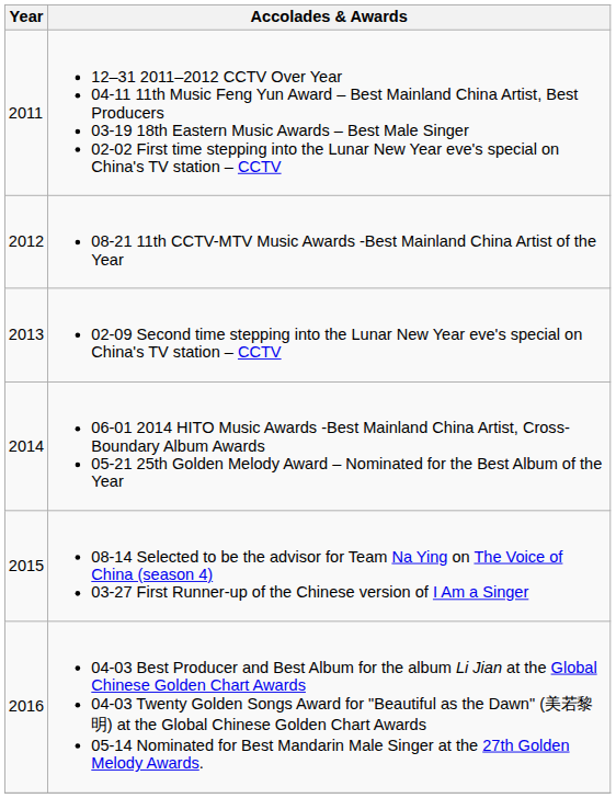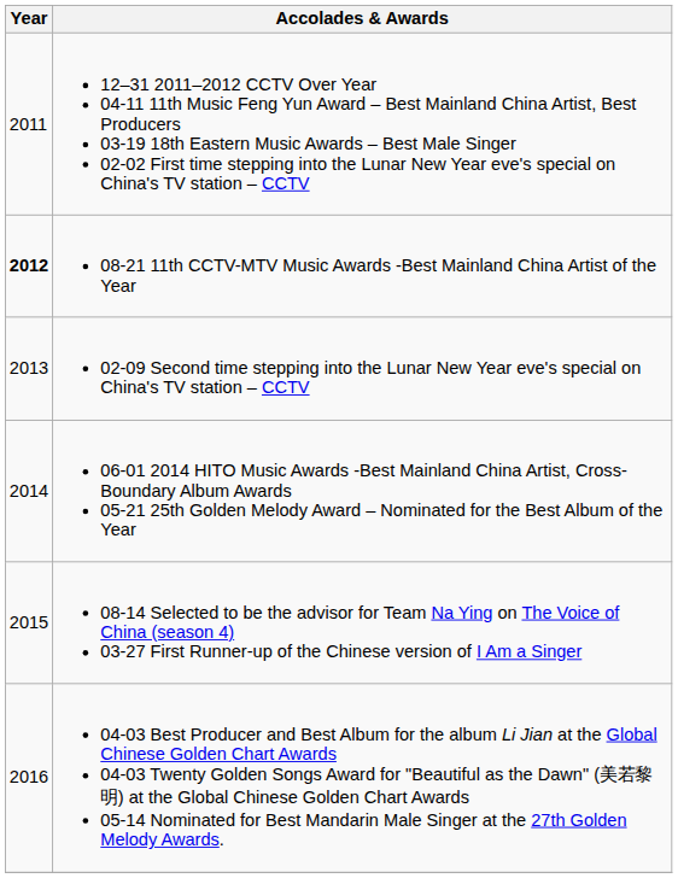 <table class="wikitable">
 <tr>
 <th>Year</th>
 <th>Accolades & Awards</th>
 </tr>
 <tr>
 <td>2011</td>
 <td><br><ul><li>12–31 2011–2012 CCTV Over Year</li><li>04-11 11th Music Feng Yun Award – Best Mainland China Artist, Best Producers</li><li>03-19 18th Eastern Music Awards – Best Male Singer</li><li>02-02 First time stepping into the Lunar New Year eve's special on China's TV station – <a href='#'>CCTV</a></li></ul></td>
 </tr>
 <tr>
-<td>2012</td>
+<td><strong>2012</strong></td>
 <td><br><ul><li>08-21 11th CCTV-MTV Music Awards -Best Mainland China Artist of the Year</li></ul></td>
 </tr>
 <tr>
 <td>2013</td>
 <td><br><ul><li>02-09 Second time stepping into the Lunar New Year eve's special on China's TV station – <a href='#'>CCTV</a></li></ul></td>
 </tr>
 <tr>
 <td>2014</td>
 <td><br><ul><li>06-01 2014 HITO Music Awards -Best Mainland China Artist, Cross-Boundary Album Awards</li><li>05-21 25th Golden Melody Award – Nominated for the Best Album of the Year</li></ul></td>
 </tr>
 <tr>
 <td>2015</td>
 <td><br><ul><li>08-14 Selected to be the advisor for Team <a href='#'>Na Ying</a> on <a href='#'>The Voice of China (season 4)</a></li><li>03-27 First Runner-up of the Chinese version of <a href='#'>I Am a Singer</a></li></ul></td>
 </tr>
 <tr>
 <td>2016</td>
 <td><br><ul><li>04-03 Best Producer and Best Album for the album <em>Li Jian</em> at the <a href='#'>Global Chinese Golden Chart Awards</a></li><li>04-03 Twenty Golden Songs Award for "Beautiful as the Dawn" (美若黎明) at the Global Chinese Golden Chart Awards</li><li>05-14 Nominated for Best Mandarin Male Singer at the <a href='#'>27th Golden Melody Awards</a>.</li></ul></td>
 </tr>
 <tr>
 </tr>
 </table>
